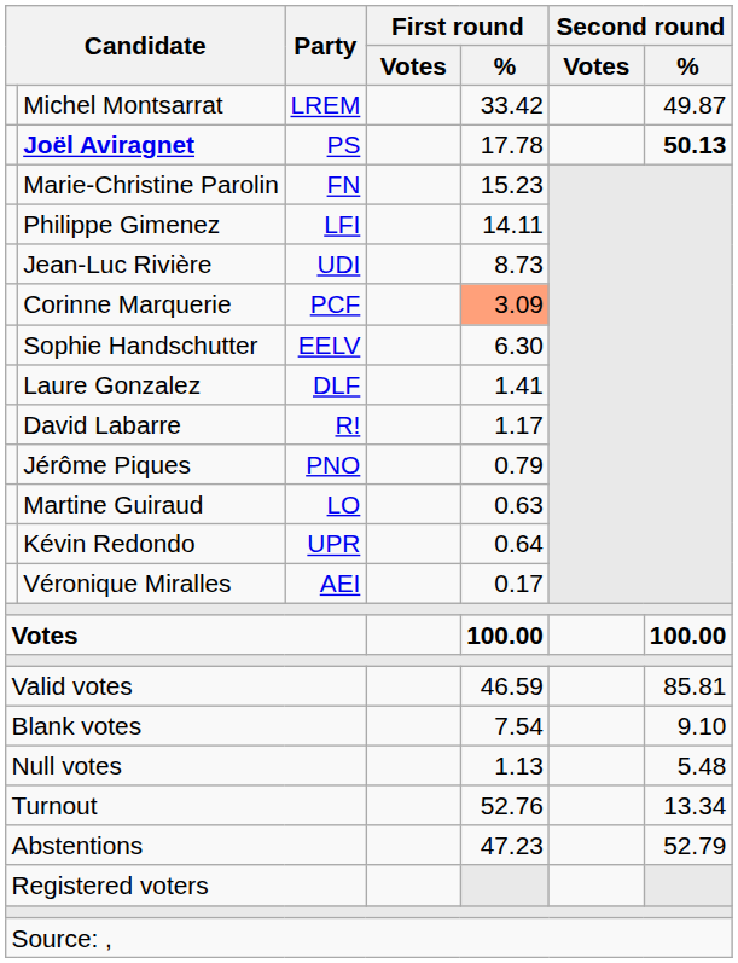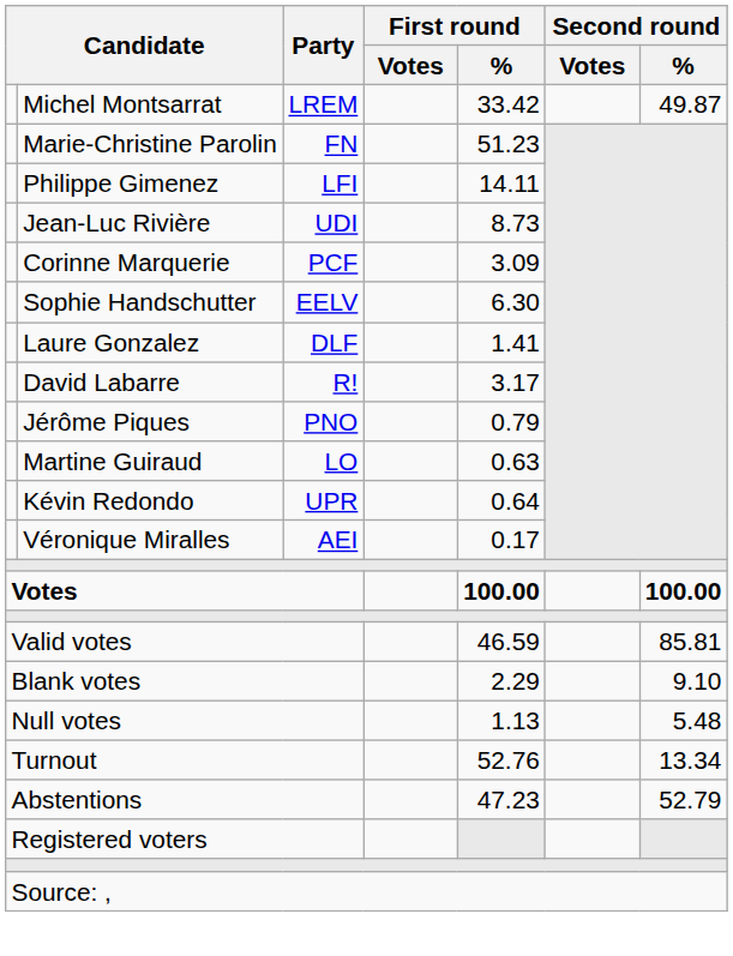 <table class="wikitable" style="text-align:right;font-size:95%;">
 <tr>
 <th rowspan="2" colspan="2">Candidate</th>
 <th rowspan="2">Party</th>
 <th colspan="2">First round</th>
 <th colspan="2">Second round</th>
 </tr>
 <tr>
 <th style="width:50px;">Votes</th>
 <th style="width:45px;">%</th>
 <th style="width:50px;">Votes</th>
 <th style="width:45px;">%</th>
 </tr>
 <tr>
 <td style="background:"></td>
 <td style="text-align:left;">Michel Montsarrat</td>
 <td><a href='#'>LREM</a></td>
 <td></td>
 <td>33.42</td>
 <td></td>
 <td>49.87</td>
 </tr>
 <tr>
 <td style="background:"></td>
-<td style="text-align:left;"><strong><a href='#'>Joël Aviragnet</a></strong></td>
-<td><a href='#'>PS</a></td>
-<td></td>
-<td>17.78</td>
-<td><strong></strong></td>
-<td><strong>50.13</strong></td>
-</tr>
-<tr>
-<td style="background:"></td>
 <td style="text-align:left;">Marie-Christine Parolin</td>
 <td><a href='#'>FN</a></td>
 <td></td>
-<td>15.23</td>
+<td>51.23</td>
 <td colspan="2" rowspan="11" style="background:#E9E9E9;"></td>
 </tr>
 <tr>
 <td style="background:"></td>
 <td style="text-align:left;">Philippe Gimenez</td>
 <td><a href='#'>LFI</a></td>
 <td></td>
 <td>14.11</td>
 </tr>
 <tr>
 <td style="background:"></td>
 <td style="text-align:left;">Jean-Luc Rivière</td>
 <td><a href='#'>UDI</a></td>
 <td></td>
 <td>8.73</td>
 </tr>
 <tr>
 <td style="background:"></td>
 <td style="text-align:left;">Corinne Marquerie</td>
 <td><a href='#'>PCF</a></td>
 <td></td>
-<td style="background: lightsalmon;">3.09</td>
+<td>3.09</td>
 </tr>
 <tr>
 <td style="background:"></td>
 <td style="text-align:left;">Sophie Handschutter</td>
 <td><a href='#'>EELV</a></td>
 <td></td>
 <td>6.30</td>
 </tr>
 <tr>
 <td style="background:"></td>
 <td style="text-align:left;">Laure Gonzalez</td>
 <td><a href='#'>DLF</a></td>
 <td></td>
 <td>1.41</td>
 </tr>
 <tr>
 <td style="background:"></td>
 <td style="text-align:left;">David Labarre</td>
 <td><a href='#'>R!</a></td>
 <td></td>
-<td>1.17</td>
+<td>3.17</td>
 </tr>
 <tr>
 <td style="background:"></td>
 <td style="text-align:left;">Jérôme Piques</td>
 <td><a href='#'>PNO</a></td>
 <td></td>
 <td>0.79</td>
 </tr>
 <tr>
 <td style="background:"></td>
 <td style="text-align:left;">Martine Guiraud</td>
 <td><a href='#'>LO</a></td>
 <td></td>
 <td>0.63</td>
 </tr>
 <tr>
 <td style="background:"></td>
 <td style="text-align:left;">Kévin Redondo</td>
 <td><a href='#'>UPR</a></td>
 <td></td>
 <td>0.64</td>
 </tr>
 <tr>
 <td style="background:"></td>
 <td style="text-align:left;">Véronique Miralles</td>
 <td><a href='#'>AEI</a></td>
 <td></td>
 <td>0.17</td>
 </tr>
 <tr>
 <td colspan="7" style="background:#E9E9E9;"></td>
 </tr>
 <tr style="font-weight:bold;">
 <td colspan="3" style="text-align:left;">Votes</td>
 <td></td>
 <td>100.00</td>
 <td></td>
 <td>100.00</td>
 </tr>
 <tr>
 <td colspan="7" style="background:#E9E9E9;"></td>
 </tr>
 <tr>
 <td colspan="3" style="text-align:left;">Valid votes</td>
 <td></td>
 <td>46.59</td>
 <td></td>
 <td>85.81</td>
 </tr>
 <tr>
 <td colspan="3" style="text-align:left;">Blank votes</td>
 <td></td>
-<td>7.54</td>
+<td>2.29</td>
 <td></td>
 <td>9.10</td>
 </tr>
 <tr>
 <td colspan="3" style="text-align:left;">Null votes</td>
 <td></td>
 <td>1.13</td>
 <td></td>
 <td>5.48</td>
 </tr>
 <tr>
 <td colspan="3" style="text-align:left;">Turnout</td>
 <td></td>
 <td>52.76</td>
 <td></td>
 <td>13.34</td>
 </tr>
 <tr>
 <td colspan="3" style="text-align:left;">Abstentions</td>
 <td></td>
 <td>47.23</td>
 <td></td>
 <td>52.79</td>
 </tr>
 <tr>
 <td colspan="3" style="text-align:left;">Registered voters</td>
 <td></td>
 <td style="background:#E9E9E9;"></td>
 <td></td>
 <td style="background:#E9E9E9;"></td>
 </tr>
 <tr>
 <td colspan="7" style="background:#E9E9E9;"></td>
 </tr>
 <tr>
 <td colspan="7" style="text-align:left;">Source: , </td>
 </tr>
 </table>
